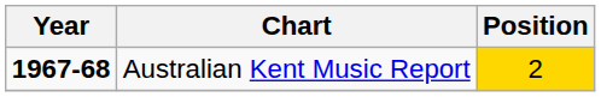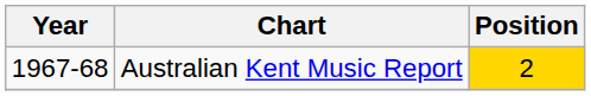 <table class="wikitable sortable" style="text-align:center;">
 <tr>
 <th>Year</th>
 <th>Chart</th>
 <th>Position</th>
 </tr>
 <tr>
-<td><strong>1967-68</strong></td>
+<td>1967-68</td>
 <td align="left">Australian <a href='#'>Kent Music Report</a></td>
 <td style="background: gold;">2</td>
 </tr>
 <tr>
 </tr>
 </table>
